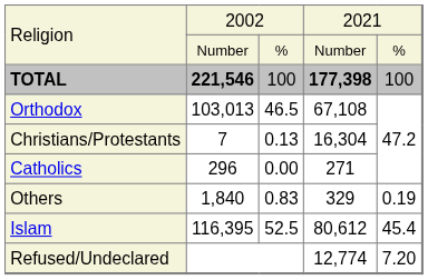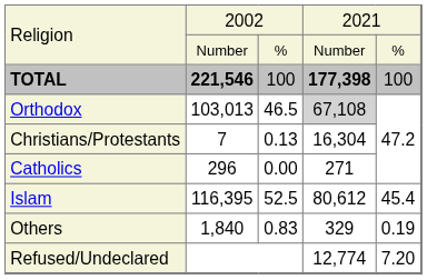 <table class="toccolours" cellspacing="0" cellpadding="4" border="1" style="align: left; margin: 0.5em 0 0 0; border-style: solid; border: 1px solid #7f7f7f; border-right-width: 2px; border-bottom-width: 2px; border-collapse: collapse; font-size: 95%;">
 <tr>
 <td rowspan="2" style="background:#F5F5DC;">Religion</td>
 <td colspan="2" style="background:#F5F5DC;" align="center">2002</td>
 <td colspan="2" style="background:#F5F5DC;" align="center">2021</td>
 </tr>
 <tr>
 <td align="center" style="background:#F5F5DC;"><small>Number</small></td>
 <td align="center" style="background:#F5F5DC;"><small>%</small></td>
 <td align="center" style="background:#F5F5DC;"><small>Number</small></td>
 <td align="center" style="background:#F5F5DC;"><small>%</small></td>
 </tr>
 <tr>
 <td style="background:#c1c1c1;"><strong>TOTAL</strong></td>
 <td style="background:#c1c1c1;" align="center"><strong>221,546</strong></td>
 <td style="background:#c1c1c1;" align="center">100</td>
 <td style="background:#c1c1c1;" align="center"><strong>177,398</strong></td>
 <td style="background:#c1c1c1;" align="center">100</td>
 </tr>
 <tr>
 <td style="background:#F5F5DC;"><a href='#'>Orthodox</a></td>
 <td align="center">103,013</td>
 <td align="center">46.5</td>
-<td align="center">67,108</td>
+<td align="center" style="background: lightgrey;">67,108</td>
 <td rowspan="3" align="center">47.2</td>
 </tr>
 <tr>
 <td style="background:#F5F5DC;">Christians/Protestants</td>
 <td align="center">7</td>
 <td align="center">0.13</td>
 <td align="center">16,304</td>
 </tr>
 <tr>
 <td style="background:#F5F5DC;"><a href='#'>Catholics</a></td>
 <td align="center">296</td>
 <td align="center">0.00</td>
 <td align="center">271</td>
 </tr>
 <tr>
+<td style="background:#F5F5DC;"><a href='#'>Islam</a></td>
+<td align="center">116,395</td>
+<td align="center">52.5</td>
+<td align="center">80,612</td>
+<td align="center">45.4</td>
+</tr>
+<tr>
 <td style="background:#F5F5DC;">Others</td>
 <td align="center">1,840</td>
 <td align="center">0.83</td>
 <td align="center">329</td>
 <td align="center">0.19</td>
-</tr>
-<tr>
-<td style="background:#F5F5DC;"><a href='#'>Islam</a></td>
-<td align="center">116,395</td>
-<td align="center">52.5</td>
-<td align="center">80,612</td>
-<td align="center">45.4</td>
 </tr>
 <tr>
 <td style="background:#F5F5DC;">Refused/Undeclared</td>
 <td colspan="2"></td>
 <td align="center">12,774</td>
 <td align="center">7.20</td>
 </tr>
 </table>
